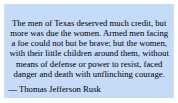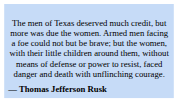 <table class="toccolours" style="float: right; margin-left: 2em; margin-right: 1em; font-size: 85%; background:#c6dbf7; color:black; width:25em; max-width: 30%;" cellspacing="5">
 <tr>
 <td style="text-align: center;"><br>The men of Texas deserved much credit, but more was due the women. Armed men facing a foe could not but be brave; but the women, with their little children around them, without means of defense or power to resist, faced danger and death with unflinching courage.</td>
 </tr>
 <tr>
-<td style="text-align: left;">— Thomas Jefferson Rusk</td>
+<td style="text-align: left;"><strong>— Thomas Jefferson Rusk</strong></td>
 </tr>
 </table>
